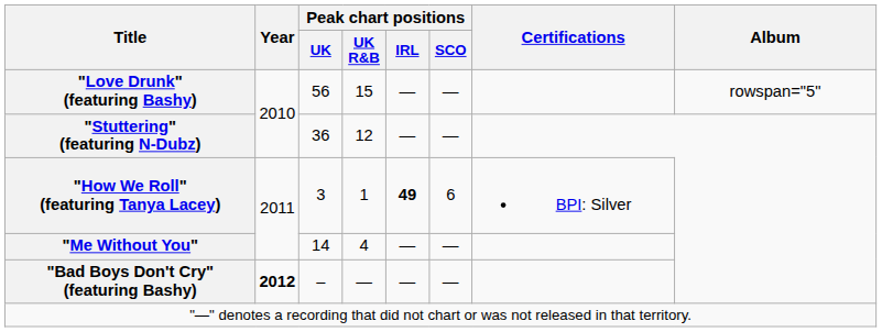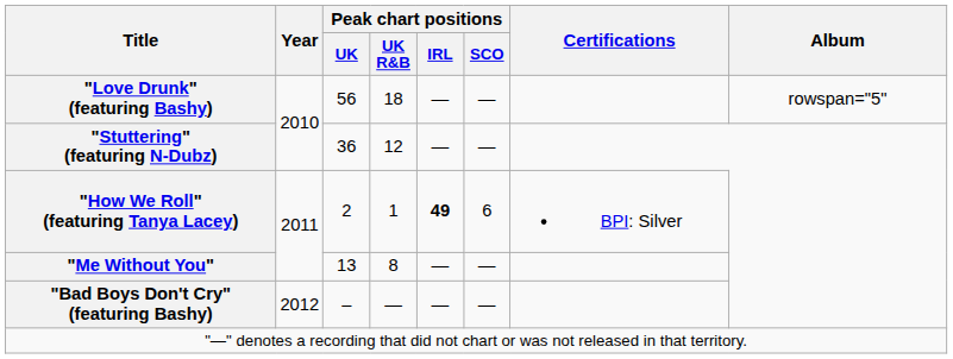 <table class="wikitable plainrowheaders" style="text-align:center;">
 <tr>
 <th scope="col" rowspan="2" style="width:15em;">Title</th>
 <th scope="col" rowspan="2" style="width:1em;">Year</th>
 <th scope="col" colspan="4">Peak chart positions</th>
 <th scope="col" rowspan="2" style="width:12em;"><a href='#'>Certifications</a></th>
 <th scope="col" rowspan="2" style="width:12em;">Album</th>
 </tr>
 <tr>
 <th scope="col" style="width:2.5em;font-size:90%;"><a href='#'>UK</a><br></th>
 <th scope="col" style="width:2.5em;font-size:90%;"><a href='#'>UK<br>R&B</a><br></th>
 <th scope="col" style="width:2.5em;font-size:90%;"><a href='#'>IRL</a></th>
 <th scope="col" style="width:2.5em;font-size:90%;"><a href='#'>SCO</a></th>
 </tr>
 <tr>
 <th scope="row">"<a href='#'>Love Drunk</a>"<br><span>(featuring <a href='#'>Bashy</a>)</span></th>
 <td rowspan="2">2010</td>
 <td>56</td>
-<td>15</td>
+<td>18</td>
 <td>—</td>
 <td>—</td>
 <td></td>
 <td>rowspan="5" </td>
 </tr>
 <tr>
 <th scope="row">"<a href='#'>Stuttering</a>"<br><span>(featuring <a href='#'>N-Dubz</a>)</span></th>
 <td>36</td>
 <td>12</td>
 <td>—</td>
 <td>—</td>
 </tr>
 <tr>
 <th scope="row">"<a href='#'>How We Roll</a>"<br><span>(featuring <a href='#'>Tanya Lacey</a>)</span></th>
 <td rowspan="2">2011</td>
-<td>3</td>
+<td>2</td>
 <td>1</td>
 <td><strong>49</strong></td>
 <td>6</td>
 <td><br><ul><li><a href='#'>BPI</a>: Silver</li></ul></td>
 </tr>
 <tr>
 <th scope="row">"<a href='#'>Me Without You</a>"</th>
-<td>14</td>
-<td>4</td>
+<td>13</td>
+<td>8</td>
 <td>—</td>
 <td>—</td>
 <td></td>
 </tr>
 <tr>
 <th scope="row">"Bad Boys Don't Cry"<br><span>(featuring Bashy)</span></th>
-<td><strong>2012</strong></td>
+<td>2012</td>
 <td>–</td>
 <td>—</td>
 <td>—</td>
 <td>—</td>
 <td></td>
 </tr>
 <tr>
 <td colspan="14" style="font-size:90%">"—" denotes a recording that did not chart or was not released in that territory.</td>
 </tr>
 </table>
